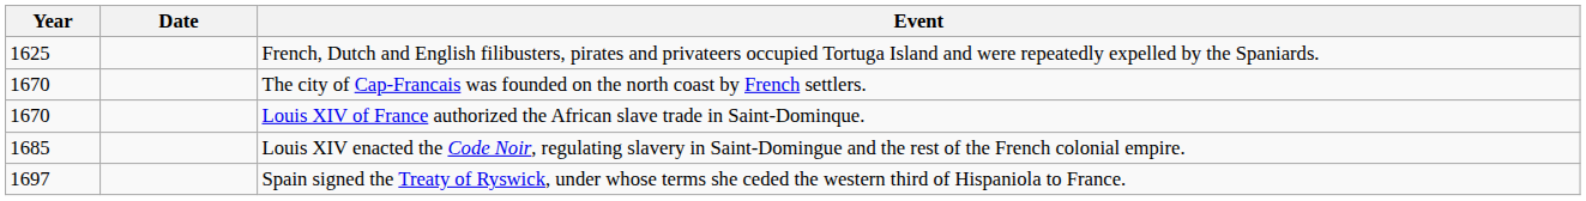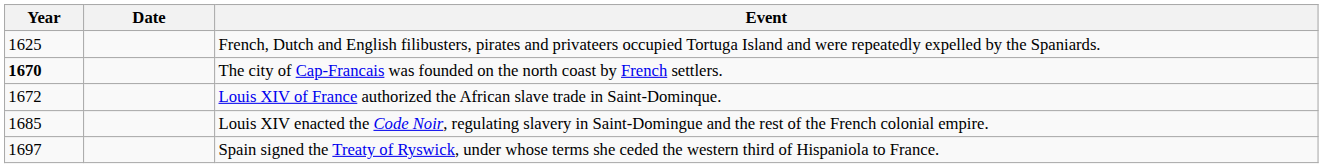 <table class="wikitable" width="100%">
 <tr>
 <th style="width:6%">Year</th>
 <th style="width:10%">Date</th>
 <th>Event</th>
 </tr>
 <tr>
 <td>1625</td>
 <td></td>
 <td>French, Dutch and English filibusters, pirates and privateers occupied Tortuga Island and were repeatedly expelled by the Spaniards.</td>
 </tr>
 <tr>
-<td>1670</td>
+<td><strong>1670</strong></td>
 <td></td>
 <td>The city of <a href='#'>Cap-Francais</a> was founded on the north coast by <a href='#'>French</a> settlers.</td>
 </tr>
 <tr>
-<td>1670</td>
+<td>1672</td>
 <td></td>
 <td><a href='#'>Louis XIV of France</a> authorized the African slave trade in Saint-Dominque.</td>
 </tr>
 <tr>
 <td>1685</td>
 <td></td>
 <td>Louis XIV enacted the <em><a href='#'>Code Noir</a></em>, regulating slavery in Saint-Domingue and the rest of the French colonial empire.</td>
 </tr>
 <tr>
 <td>1697</td>
 <td></td>
 <td>Spain signed the <a href='#'>Treaty of Ryswick</a>, under whose terms she ceded the western third of Hispaniola to France.</td>
 </tr>
 </table>
